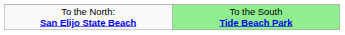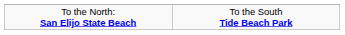 <table class="wikitable" style="margin: 0.5em auto; clear: both; font-size:95%;">
 <tr style="text-align: center;">
 </tr>
 <tr style="text-align: center;">
 <td width="30%" align="center" rowspan="1">To the North:<br><strong><a href='#'>San Elijo State Beach</a></strong><br></td>
-<td width="30%" align="center" rowspan="1" style="background: lightgreen;">To the South<br><strong><a href='#'>Tide Beach Park</a></strong></td>
+<td width="30%" align="center" rowspan="1">To the South<br><strong><a href='#'>Tide Beach Park</a></strong></td>
 </tr>
 </table>
